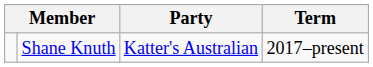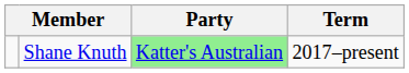 <table class="wikitable">
 <tr>
 <th colspan="2">Member</th>
 <th>Party</th>
 <th>Term</th>
 </tr>
 <tr>
 <td> </td>
 <td><a href='#'>Shane Knuth</a></td>
-<td><a href='#'>Katter's Australian</a></td>
+<td style="background: lightgreen;"><a href='#'>Katter's Australian</a></td>
 <td>2017–present</td>
 </tr>
 </table>
